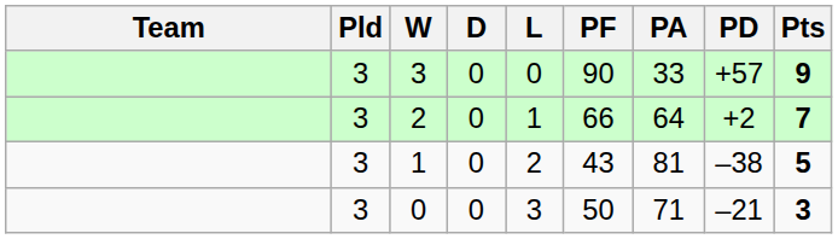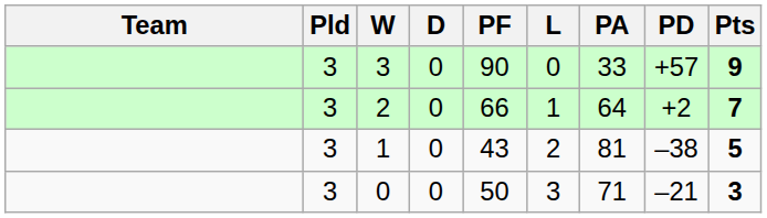 <table class="wikitable" style="text-align:center;">
 <tr>
 <th width=175>Team</th>
 <th width=25 abbr="Played">Pld</th>
 <th width=25 abbr="Won">W</th>
 <th width=25 abbr="Drawn">D</th>
+<th width=32 abbr="Points for">PF</th>
 <th width=25 abbr="Lost">L</th>
-<th width=32 abbr="Points for">PF</th>
 <th width=32 abbr="Points against">PA</th>
 <th width=32 abbr="Points difference">PD</th>
 <th width=25 abbr="Points">Pts</th>
 </tr>
 <tr bgcolor=ccffcc>
 <td align=left></td>
 <td>3</td>
 <td>3</td>
 <td>0</td>
+<td>90</td>
 <td>0</td>
-<td>90</td>
 <td>33</td>
 <td>+57</td>
 <td><strong>9</strong></td>
 </tr>
 <tr bgcolor=ccffcc>
 <td align=left></td>
 <td>3</td>
 <td>2</td>
 <td>0</td>
+<td>66</td>
 <td>1</td>
-<td>66</td>
 <td>64</td>
 <td>+2</td>
 <td><strong>7</strong></td>
 </tr>
 <tr>
 <td align=left></td>
 <td>3</td>
 <td>1</td>
 <td>0</td>
+<td>43</td>
 <td>2</td>
-<td>43</td>
 <td>81</td>
 <td>–38</td>
 <td><strong>5</strong></td>
 </tr>
 <tr>
 <td align=left></td>
 <td>3</td>
 <td>0</td>
 <td>0</td>
+<td>50</td>
 <td>3</td>
-<td>50</td>
 <td>71</td>
 <td>–21</td>
 <td><strong>3</strong></td>
 </tr>
 </table>
